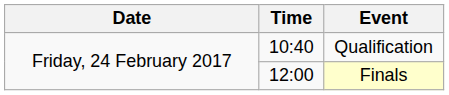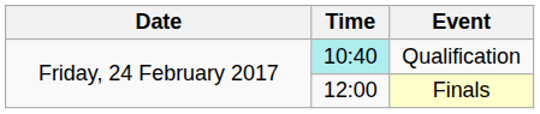 <table class = "wikitable" style="text-align:center;">
 <tr>
 <th width=220>Date</th>
 <th width=50>Time</th>
 <th width=100>Event</th>
 </tr>
 <tr>
 <td rowspan=2>Friday, 24 February 2017</td>
-<td>10:40</td>
+<td style="background: paleturquoise;">10:40</td>
 <td>Qualification</td>
 </tr>
 <tr>
 <td>12:00</td>
 <td bgcolor=ffffcc>Finals</td>
 </tr>
 </table>
